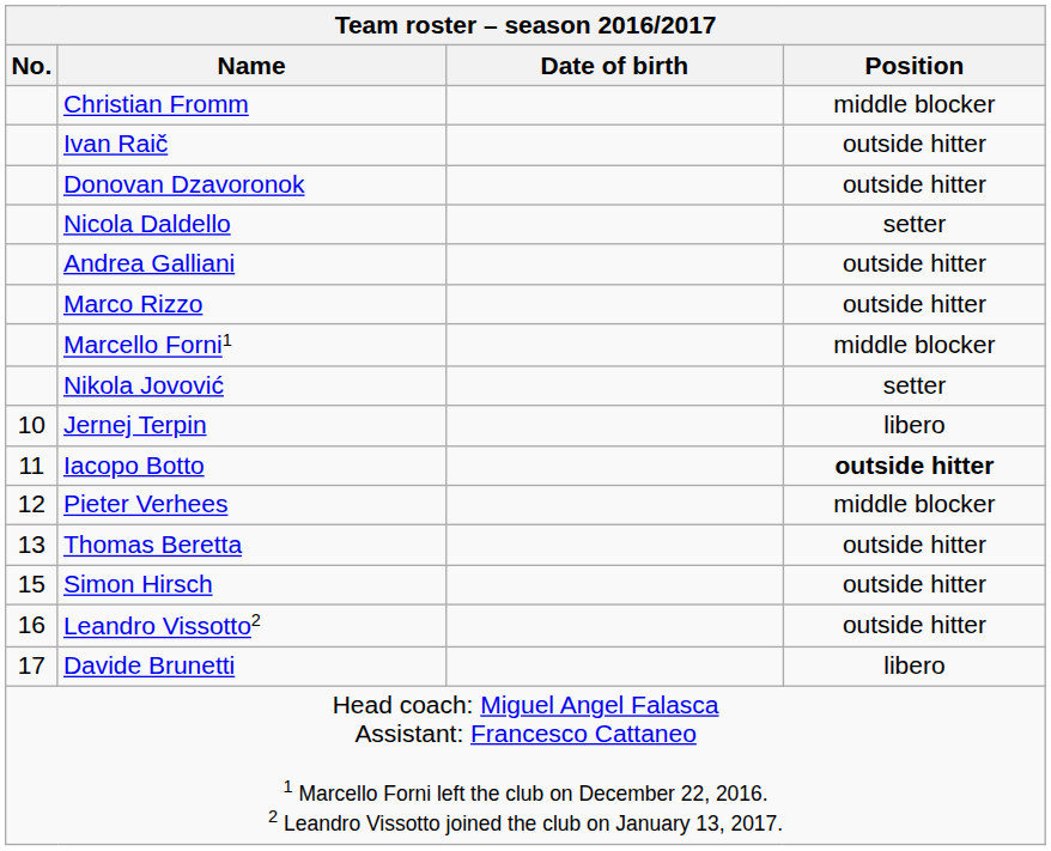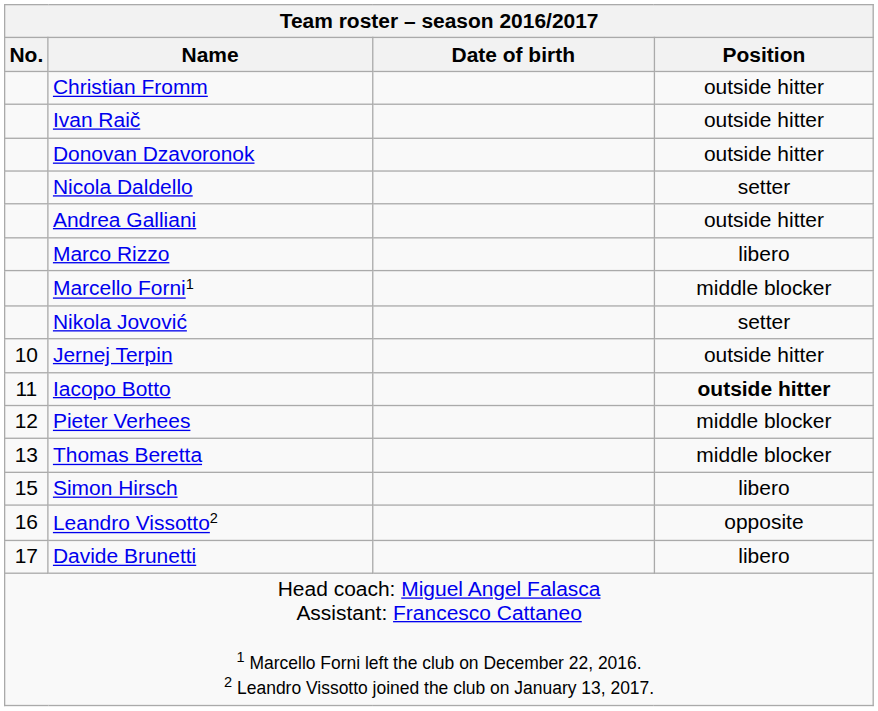 <table class="wikitable collapsible collapsed sortable" style="font-size:100%; text-align:center;">
 <tr>
 <th colspan=6>Team roster – season 2016/2017</th>
 </tr>
 <tr>
 <th>No.</th>
 <th style="width:15em">Name</th>
 <th style="width:13em">Date of birth</th>
 <th style="width:10em">Position</th>
 </tr>
 <tr>
 <td></td>
 <td align=left> <a href='#'>Christian Fromm</a></td>
 <td align=right></td>
-<td>middle blocker</td>
+<td>outside hitter</td>
 </tr>
 <tr>
 <td></td>
 <td align=left> <a href='#'>Ivan Raič</a></td>
 <td align=right></td>
 <td>outside hitter</td>
 </tr>
 <tr>
 <td></td>
 <td align=left> <a href='#'>Donovan Dzavoronok</a></td>
 <td align=right></td>
 <td>outside hitter</td>
 </tr>
 <tr>
 <td></td>
 <td align=left> <a href='#'>Nicola Daldello</a></td>
 <td align=right></td>
 <td>setter</td>
 </tr>
 <tr>
 <td></td>
 <td align=left> <a href='#'>Andrea Galliani</a></td>
 <td align=right></td>
 <td>outside hitter</td>
 </tr>
 <tr>
 <td></td>
 <td align=left> <a href='#'>Marco Rizzo</a></td>
 <td align=right></td>
-<td>outside hitter</td>
+<td>libero</td>
 </tr>
 <tr>
 <td></td>
 <td align=left> <a href='#'>Marcello Forni</a><small><sup>1</sup></small></td>
 <td align=right></td>
 <td>middle blocker</td>
 </tr>
 <tr>
 <td></td>
 <td align=left> <a href='#'>Nikola Jovović</a></td>
 <td align=right></td>
 <td>setter</td>
 </tr>
 <tr>
 <td>10</td>
 <td align=left> <a href='#'>Jernej Terpin</a></td>
 <td align=right></td>
-<td>libero</td>
+<td>outside hitter</td>
 </tr>
 <tr>
 <td>11</td>
 <td align=left> <a href='#'>Iacopo Botto</a></td>
 <td align=right></td>
 <td><strong>outside hitter</strong></td>
 </tr>
 <tr>
 <td>12</td>
 <td align=left> <a href='#'>Pieter Verhees</a></td>
 <td align=right></td>
 <td>middle blocker</td>
 </tr>
 <tr>
 <td>13</td>
 <td align=left> <a href='#'>Thomas Beretta</a></td>
 <td align=right></td>
-<td>outside hitter</td>
+<td>middle blocker</td>
 </tr>
 <tr>
 <td>15</td>
 <td align=left> <a href='#'>Simon Hirsch</a></td>
 <td align=right></td>
-<td>outside hitter</td>
+<td>libero</td>
 </tr>
 <tr>
 <td>16</td>
 <td align=left> <a href='#'>Leandro Vissotto</a><small><sup>2</sup></small></td>
 <td align=right></td>
-<td>outside hitter</td>
+<td>opposite</td>
 </tr>
 <tr>
 <td>17</td>
 <td align=left> <a href='#'>Davide Brunetti</a></td>
 <td align=right></td>
 <td>libero</td>
 </tr>
 <tr>
 <td colspan=4>Head coach: <a href='#'>Miguel Angel Falasca</a><br>Assistant: <a href='#'>Francesco Cattaneo</a><br><br><small><sup>1</sup> Marcello Forni left the club on December 22, 2016.</small><br> <small><sup>2</sup> Leandro Vissotto joined the club on January 13, 2017.</small></td>
 </tr>
 </table>
